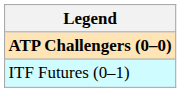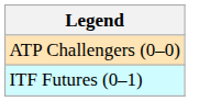 <table class=wikitable style=font-size:97%>
 <tr>
 <th>Legend</th>
 </tr>
 <tr bgcolor=moccasin>
-<td><strong>ATP Challengers (0–0)</strong></td>
+<td>ATP Challengers (0–0)</td>
 </tr>
 <tr bgcolor=cffcff>
 <td>ITF Futures (0–1)</td>
 </tr>
 </table>
